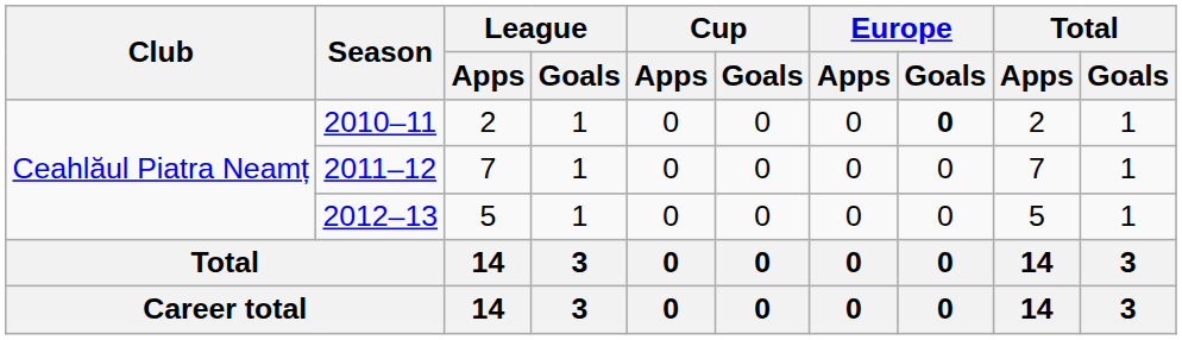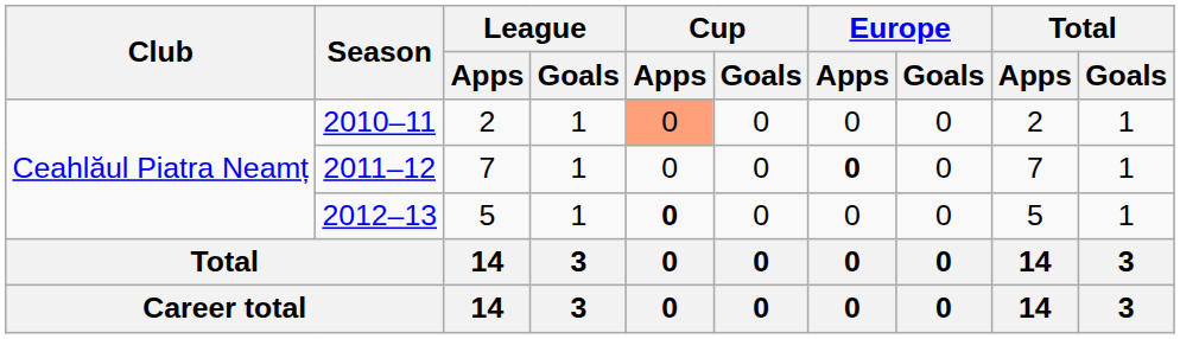 <table class="wikitable" style="font-size:100%; text-align: center;">
 <tr>
 <th rowspan="2">Club</th>
 <th rowspan="2">Season</th>
 <th colspan="2">League</th>
 <th colspan="2">Cup</th>
 <th colspan="2"><a href='#'>Europe</a></th>
 <th colspan="2">Total</th>
 </tr>
 <tr>
 <th>Apps</th>
 <th>Goals</th>
 <th>Apps</th>
 <th>Goals</th>
 <th>Apps</th>
 <th>Goals</th>
 <th>Apps</th>
 <th>Goals</th>
 </tr>
 <tr>
 <td rowspan="3" valign="center"><a href='#'>Ceahlăul Piatra Neamț</a></td>
 <td><a href='#'>2010–11</a></td>
 <td>2</td>
 <td>1</td>
+<td style="background: lightsalmon;">0</td>
 <td>0</td>
 <td>0</td>
 <td>0</td>
-<td><strong>0</strong></td>
 <td>2</td>
 <td>1</td>
 </tr>
 <tr>
 <td><a href='#'>2011–12</a></td>
 <td>7</td>
 <td>1</td>
 <td>0</td>
 <td>0</td>
-<td>0</td>
+<td><strong>0</strong></td>
 <td>0</td>
 <td>7</td>
 <td>1</td>
 </tr>
 <tr>
 <td><a href='#'>2012–13</a></td>
 <td>5</td>
 <td>1</td>
-<td>0</td>
+<td><strong>0</strong></td>
 <td>0</td>
 <td>0</td>
 <td>0</td>
 <td>5</td>
 <td>1</td>
 </tr>
 <tr>
 <th colspan="2">Total</th>
 <th>14</th>
 <th>3</th>
 <th>0</th>
 <th>0</th>
 <th>0</th>
 <th>0</th>
 <th>14</th>
 <th>3</th>
 </tr>
 <tr>
 <th colspan="2">Career total</th>
 <th>14</th>
 <th>3</th>
 <th>0</th>
 <th>0</th>
 <th>0</th>
 <th>0</th>
 <th>14</th>
 <th>3</th>
 </tr>
 </table>
